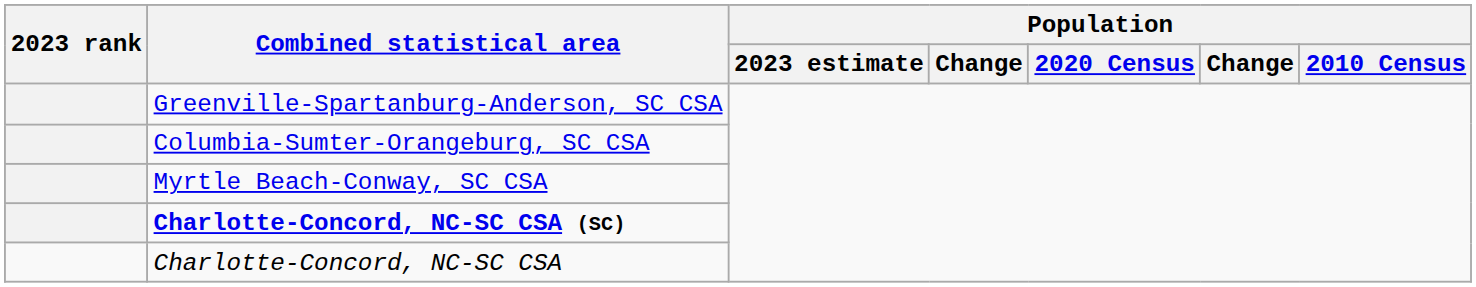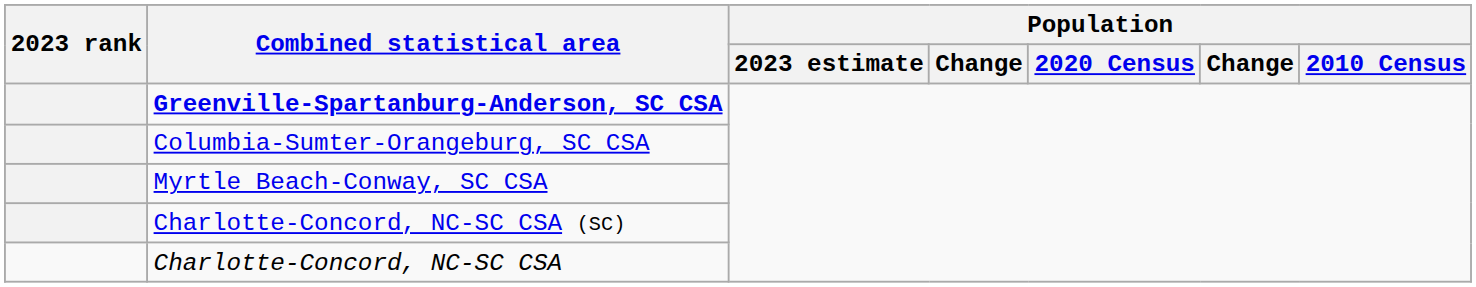 <table class="wikitable sortable">
 <tr>
 <th scope=col rowspan=2>2023 rank</th>
 <th scope=col rowspan=2><a href='#'>Combined statistical area</a></th>
 <th colspan=5>Population</th>
 </tr>
 <tr>
 <th scope=col>2023 estimate</th>
 <th scope=col>Change</th>
 <th scope=col><a href='#'>2020 Census</a></th>
 <th scope=col>Change</th>
 <th scope=col><a href='#'>2010 Census</a></th>
 </tr>
 <tr>
 <th scope=row></th>
-<td><a href='#'>Greenville-Spartanburg-Anderson, SC CSA</a><br></td>
+<td><strong><a href='#'>Greenville-Spartanburg-Anderson, SC CSA</a><br></strong></td>
 </tr>
 <tr>
 <th scope=row></th>
 <td><a href='#'>Columbia-Sumter-Orangeburg, SC CSA</a><br></td>
 </tr>
 <tr>
 <th scope=row></th>
 <td><a href='#'>Myrtle Beach-Conway, SC CSA</a><br></td>
 </tr>
 <tr>
 <th scope=row></th>
-<td><strong><a href='#'>Charlotte-Concord, NC-SC CSA</a> <small>(SC)</small><br></strong></td>
+<td><a href='#'>Charlotte-Concord, NC-SC CSA</a> <small>(SC)</small><br></td>
 </tr>
 <tr>
 <td></td>
 <td><em><span>Charlotte-Concord, NC-SC CSA</span></em><br></td>
 </tr>
 </table>
